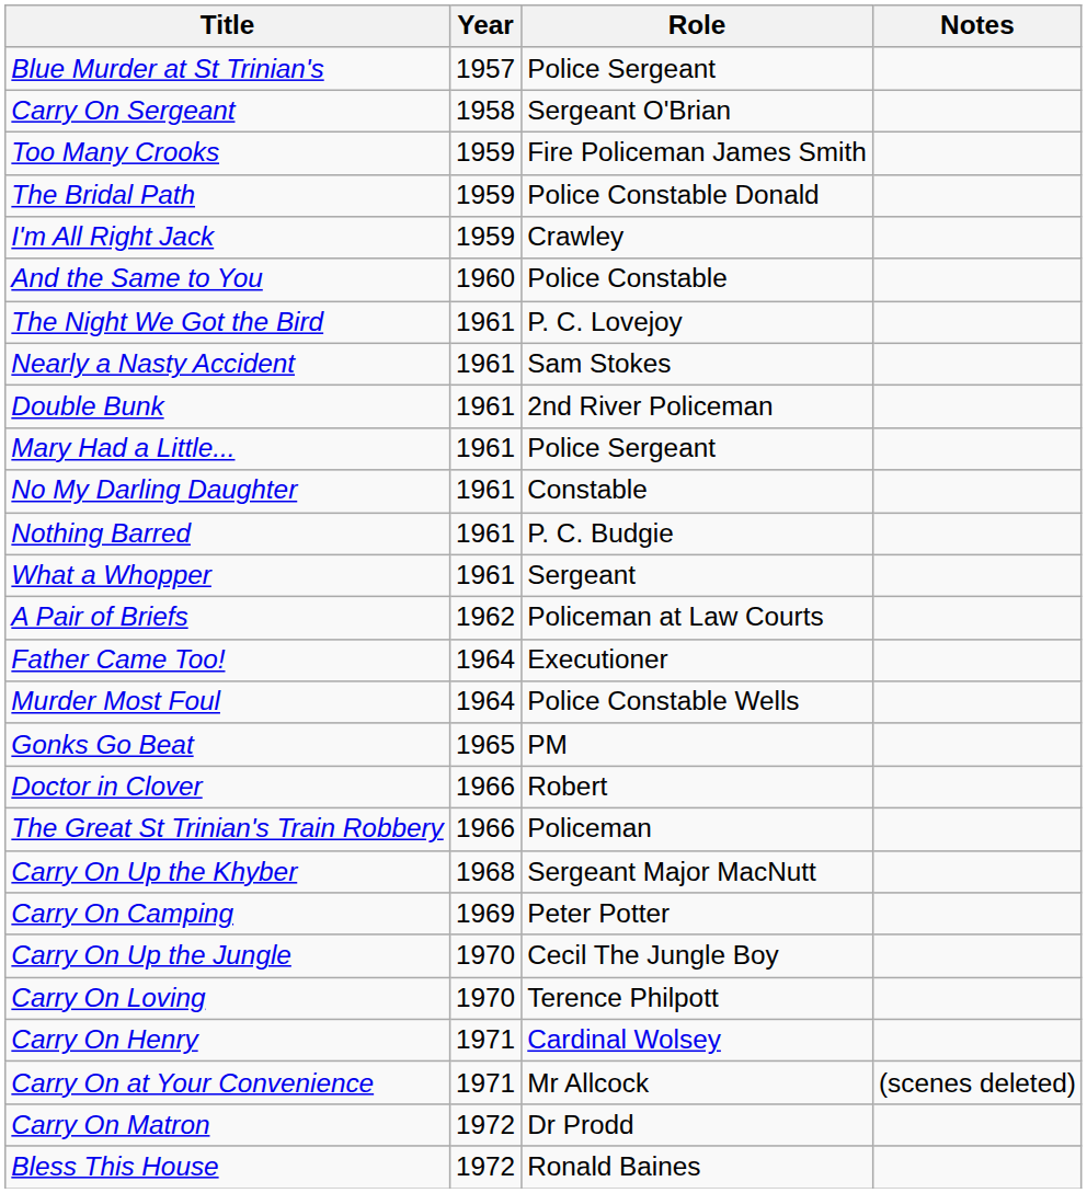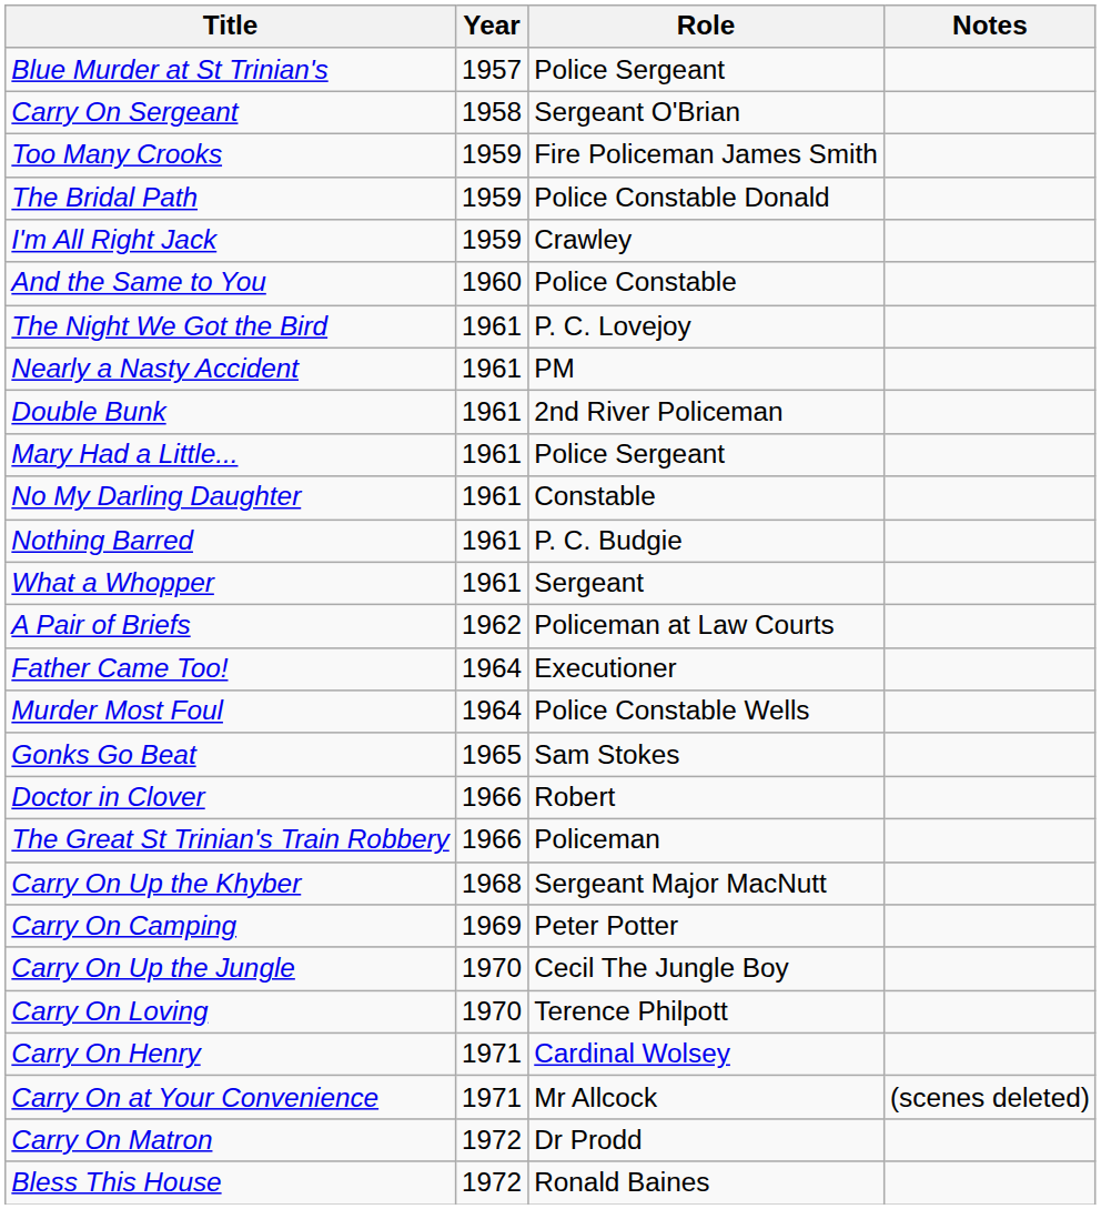 <table class="wikitable">
 <tr>
 <th>Title</th>
 <th>Year</th>
 <th>Role</th>
 <th>Notes</th>
 </tr>
 <tr>
 <td><em><a href='#'>Blue Murder at St Trinian's</a></em></td>
 <td>1957</td>
 <td>Police Sergeant</td>
 <td></td>
 </tr>
 <tr>
 <td><em><a href='#'>Carry On Sergeant</a></em></td>
 <td>1958</td>
 <td>Sergeant O'Brian</td>
 <td></td>
 </tr>
 <tr>
 <td><em><a href='#'>Too Many Crooks</a></em></td>
 <td>1959</td>
 <td>Fire Policeman James Smith</td>
 <td></td>
 </tr>
 <tr>
 <td><em><a href='#'>The Bridal Path</a></em></td>
 <td>1959</td>
 <td>Police Constable Donald</td>
 <td></td>
 </tr>
 <tr>
 <td><em><a href='#'>I'm All Right Jack</a></em></td>
 <td>1959</td>
 <td>Crawley</td>
 <td></td>
 </tr>
 <tr>
 <td><em><a href='#'>And the Same to You</a></em></td>
 <td>1960</td>
 <td>Police Constable</td>
 <td></td>
 </tr>
 <tr>
 <td><em><a href='#'>The Night We Got the Bird</a></em></td>
 <td>1961</td>
 <td>P. C. Lovejoy</td>
 <td></td>
 </tr>
 <tr>
 <td><em><a href='#'>Nearly a Nasty Accident</a></em></td>
 <td>1961</td>
-<td>Sam Stokes</td>
+<td>PM</td>
 <td></td>
 </tr>
 <tr>
 <td><em><a href='#'>Double Bunk</a></em></td>
 <td>1961</td>
 <td>2nd River Policeman</td>
 <td></td>
 </tr>
 <tr>
 <td><em><a href='#'>Mary Had a Little...</a></em></td>
 <td>1961</td>
 <td>Police Sergeant</td>
 <td></td>
 </tr>
 <tr>
 <td><em><a href='#'>No My Darling Daughter</a></em></td>
 <td>1961</td>
 <td>Constable</td>
 <td></td>
 </tr>
 <tr>
 <td><em><a href='#'>Nothing Barred</a></em></td>
 <td>1961</td>
 <td>P. C. Budgie</td>
 <td></td>
 </tr>
 <tr>
 <td><em><a href='#'>What a Whopper</a></em></td>
 <td>1961</td>
 <td>Sergeant</td>
 <td></td>
 </tr>
 <tr>
 <td><em><a href='#'>A Pair of Briefs</a></em></td>
 <td>1962</td>
 <td>Policeman at Law Courts</td>
 <td></td>
 </tr>
 <tr>
 <td><em><a href='#'>Father Came Too!</a></em></td>
 <td>1964</td>
 <td>Executioner</td>
 <td></td>
 </tr>
 <tr>
 <td><em><a href='#'>Murder Most Foul</a></em></td>
 <td>1964</td>
 <td>Police Constable Wells</td>
 <td></td>
 </tr>
 <tr>
 <td><em><a href='#'>Gonks Go Beat</a></em></td>
 <td>1965</td>
-<td>PM</td>
+<td>Sam Stokes</td>
 <td></td>
 </tr>
 <tr>
 <td><em><a href='#'>Doctor in Clover</a></em></td>
 <td>1966</td>
 <td>Robert</td>
 <td></td>
 </tr>
 <tr>
 <td><em><a href='#'>The Great St Trinian's Train Robbery</a></em></td>
 <td>1966</td>
 <td>Policeman</td>
 <td></td>
 </tr>
 <tr>
 <td><em><a href='#'>Carry On Up the Khyber</a></em></td>
 <td>1968</td>
 <td>Sergeant Major MacNutt</td>
 <td></td>
 </tr>
 <tr>
 <td><em><a href='#'>Carry On Camping</a></em></td>
 <td>1969</td>
 <td>Peter Potter</td>
 <td></td>
 </tr>
 <tr>
 <td><em><a href='#'>Carry On Up the Jungle</a></em></td>
 <td>1970</td>
 <td>Cecil The Jungle Boy</td>
 <td></td>
 </tr>
 <tr>
 <td><em><a href='#'>Carry On Loving</a></em></td>
 <td>1970</td>
 <td>Terence Philpott</td>
 <td></td>
 </tr>
 <tr>
 <td><em><a href='#'>Carry On Henry</a></em></td>
 <td>1971</td>
 <td><a href='#'>Cardinal Wolsey</a></td>
 <td></td>
 </tr>
 <tr>
 <td><em><a href='#'>Carry On at Your Convenience</a></em></td>
 <td>1971</td>
 <td>Mr Allcock</td>
 <td>(scenes deleted)</td>
 </tr>
 <tr>
 <td><em><a href='#'>Carry On Matron</a></em></td>
 <td>1972</td>
 <td>Dr Prodd</td>
 <td></td>
 </tr>
 <tr>
 <td><em><a href='#'>Bless This House</a></em></td>
 <td>1972</td>
 <td>Ronald Baines</td>
 <td></td>
 </tr>
 <tr>
 </tr>
 </table>
